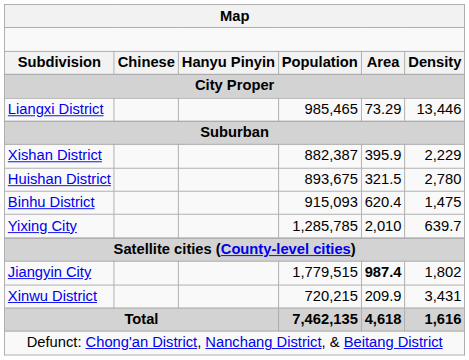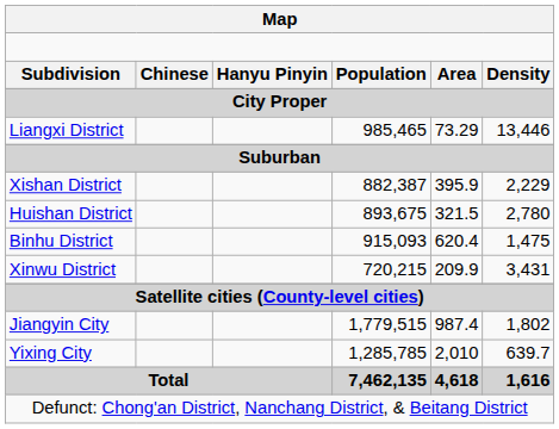 <table class="wikitable">
 <tr>
 <th colspan="6">Map</th>
 </tr>
 <tr>
 <td colspan="6"><div><br>         </div></td>
 </tr>
 <tr>
 <th align="left">Subdivision</th>
 <th align="left">Chinese</th>
 <th align="left">Hanyu Pinyin</th>
 <th align="left">Population </th>
 <th align="left">Area </th>
 <th align="left">Density </th>
 </tr>
 <tr>
 </tr>
 <tr style="background:#d3d3d3;">
 <td colspan="6" style="text-align:center; "><strong>City Proper</strong></td>
 </tr>
 <tr>
 <td align="left"><a href='#'>Liangxi District</a></td>
 <td align="left"></td>
 <td align="left"></td>
 <td align="right">985,465</td>
 <td align="right">73.29</td>
 <td align="right">13,446</td>
 </tr>
 <tr>
 </tr>
 <tr style="background:#d3d3d3;">
 <td colspan="6" style="text-align:center; "><strong>Suburban</strong></td>
 </tr>
 <tr>
 <td align="left"><a href='#'>Xishan District</a></td>
 <td align="left"></td>
 <td align="left"></td>
 <td align="right">882,387</td>
 <td align="right">395.9</td>
 <td align="right">2,229</td>
 </tr>
 <tr>
 <td align="left"><a href='#'>Huishan District</a></td>
 <td align="left"></td>
 <td align="left"></td>
 <td align="right">893,675</td>
 <td align="right">321.5</td>
 <td align="right">2,780</td>
 </tr>
 <tr>
 <td align="left"><a href='#'>Binhu District</a></td>
 <td align="left"></td>
 <td align="left"></td>
 <td align="right">915,093</td>
 <td align="right">620.4</td>
 <td align="right">1,475</td>
 </tr>
 <tr>
-<td align="left"><a href='#'>Yixing City</a></td>
+<td align="left"><a href='#'>Xinwu District</a></td>
 <td align="left"></td>
 <td align="left"></td>
-<td align="right">1,285,785</td>
-<td align="right">2,010</td>
-<td align="right">639.7</td>
+<td align="right">720,215</td>
+<td align="right">209.9</td>
+<td align="right">3,431</td>
 </tr>
 <tr>
 </tr>
 <tr style="background:#d3d3d3;">
 <td colspan="6" style="text-align:center; "><strong>Satellite cities (<a href='#'>County-level cities</a>)</strong></td>
 </tr>
 <tr>
 <td align="left"><a href='#'>Jiangyin City</a></td>
 <td align="left"></td>
 <td align="left"></td>
 <td align="right">1,779,515</td>
-<td align="right"><strong>987.4</strong></td>
+<td align="right">987.4</td>
 <td align="right">1,802</td>
 </tr>
 <tr>
-<td align="left"><a href='#'>Xinwu District</a></td>
+<td align="left"><a href='#'>Yixing City</a></td>
 <td align="left"></td>
 <td align="left"></td>
-<td align="right">720,215</td>
-<td align="right">209.9</td>
-<td align="right">3,431</td>
+<td align="right">1,285,785</td>
+<td align="right">2,010</td>
+<td align="right">639.7</td>
 </tr>
 <tr style="background:#d3d3d3;">
 <td colspan="3" style="text-align:center; "><strong>Total</strong></td>
 <td align="right"><strong>7,462,135</strong></td>
 <td align="right"><strong>4,618</strong></td>
 <td align="right"><strong>1,616</strong></td>
 </tr>
 <tr>
 <td colspan="6" style="text-align:center; ">Defunct: <a href='#'>Chong'an District</a>, <a href='#'>Nanchang District</a>, & <a href='#'>Beitang District</a></td>
 </tr>
 </table>
